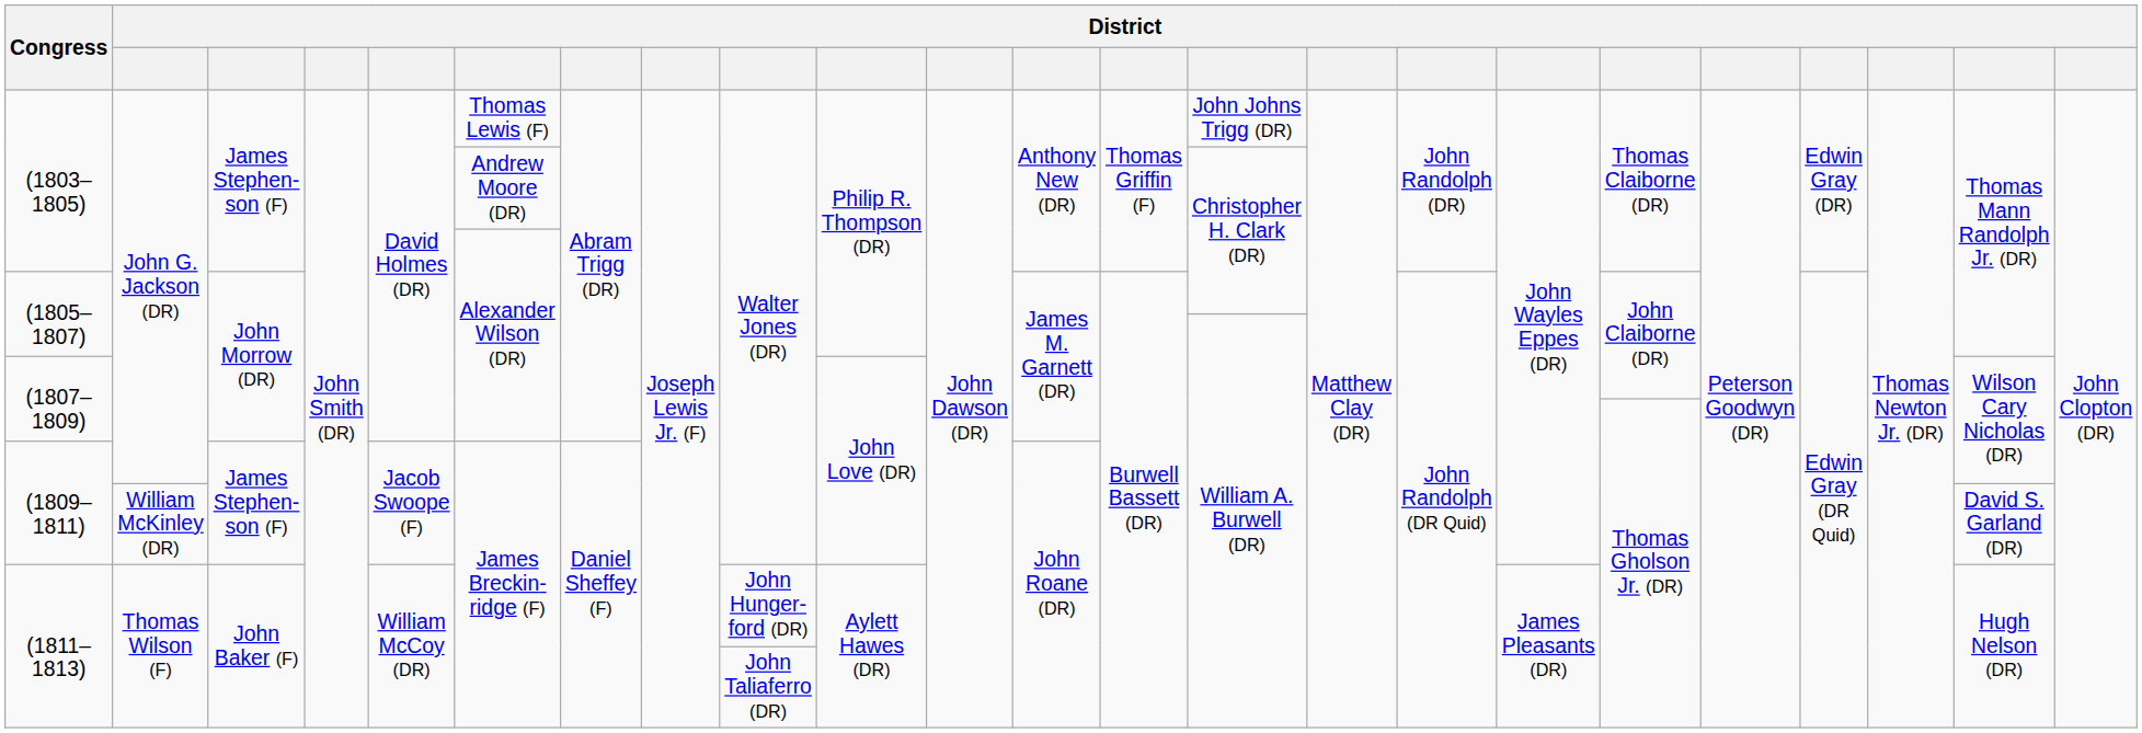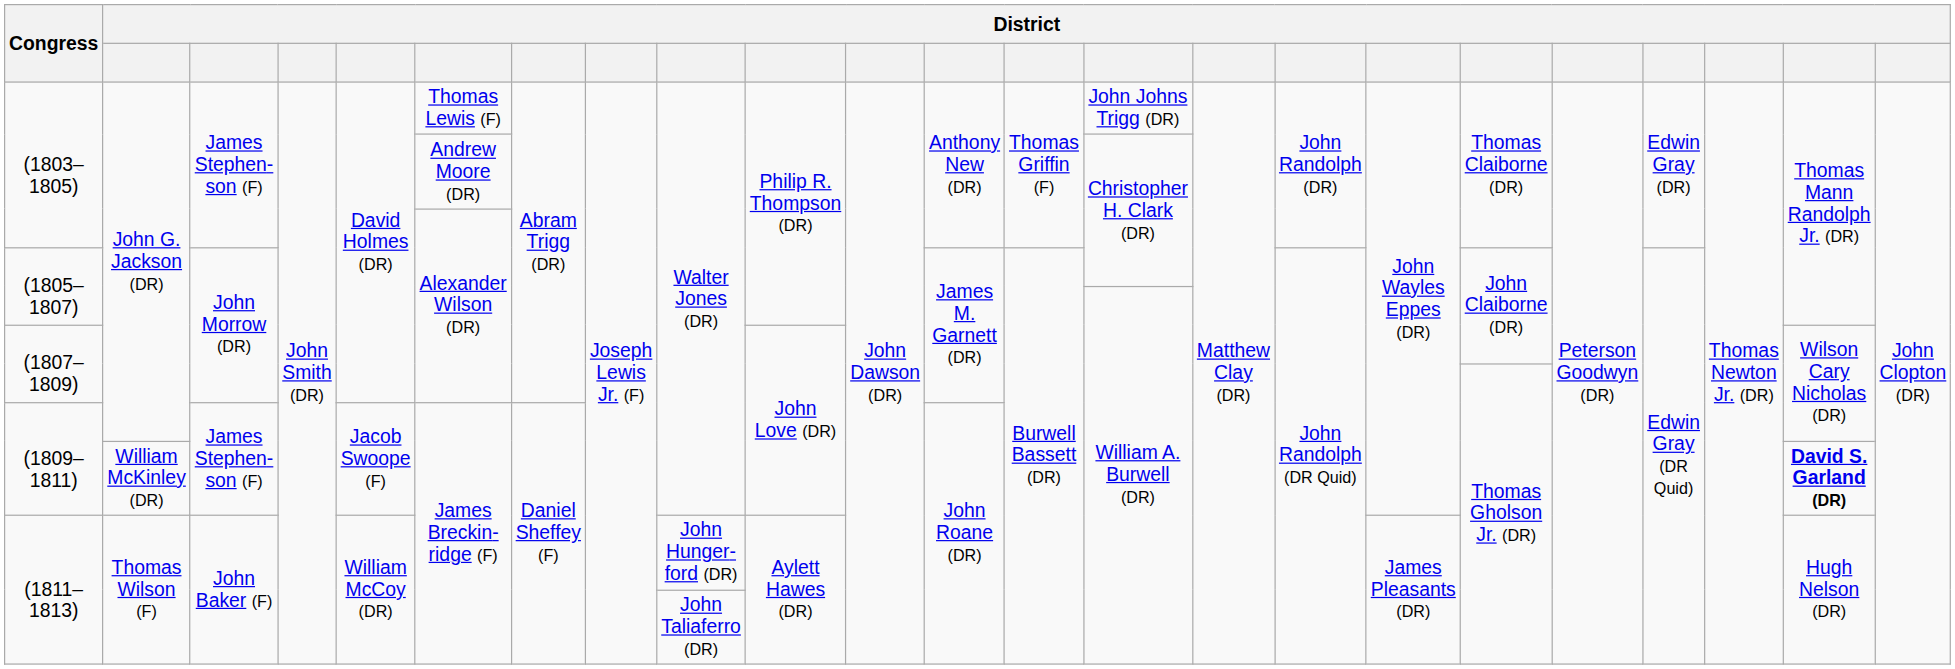 <table class=wikitable style="text-align:center">
 <tr style="height:2em">
 <th rowspan=2>Congress</th>
 <th colspan=22>District</th>
 </tr>
 <tr style="height:2em">
 <th></th>
 <th></th>
 <th></th>
 <th></th>
 <th></th>
 <th></th>
 <th></th>
 <th></th>
 <th></th>
 <th></th>
 <th></th>
 <th></th>
 <th></th>
 <th></th>
 <th></th>
 <th></th>
 <th></th>
 <th></th>
 <th></th>
 <th></th>
 <th></th>
 <th></th>
 </tr>
 <tr style="height:2em">
 <td rowspan=3><strong></strong><br>(1803–1805)</td>
 <td rowspan=8 ><a href='#'>John G.<br>Jackson</a> <small>(DR)</small></td>
 <td rowspan=3 ><a href='#'>James Stephen­son</a> <small>(F)</small></td>
 <td rowspan=11 ><a href='#'>John<br>Smith</a><br><small>(DR)</small></td>
 <td rowspan=7 ><a href='#'>David Holmes</a> <small>(DR)</small></td>
 <td><a href='#'>Thomas Lewis</a> <small>(F)</small></td>
 <td rowspan=7 ><a href='#'>Abram<br>Trigg</a><br><small>(DR)</small></td>
 <td rowspan=11 ><a href='#'>Joseph<br>Lewis<br>Jr.</a> <small>(F)</small></td>
 <td rowspan=9 ><a href='#'>Walter Jones</a> <small>(DR)</small></td>
 <td rowspan=5 ><a href='#'>Philip R.<br>Thompson</a><br><small>(DR)</small></td>
 <td rowspan=11 ><a href='#'>John<br>Dawson</a><br><small>(DR)</small></td>
 <td rowspan=3 ><a href='#'>Anthony New</a> <small>(DR)</small></td>
 <td rowspan=3 ><a href='#'>Thomas<br>Griffin</a> <small>(F)</small></td>
 <td><a href='#'>John Johns Trigg</a> <small>(DR)</small></td>
 <td rowspan=11 ><a href='#'>Matthew<br>Clay</a> <small>(DR)</small></td>
 <td rowspan=3 ><a href='#'>John Randolph</a><br><small>(DR)</small></td>
 <td rowspan=9 ><a href='#'>John<br>Wayles<br>Eppes</a><br><small>(DR)</small></td>
 <td rowspan=3 ><a href='#'>Thomas Claiborne</a> <small>(DR)</small></td>
 <td rowspan=11 ><a href='#'>Peterson<br>Goodwyn</a><br><small>(DR)</small></td>
 <td rowspan=3 ><a href='#'>Edwin<br>Gray</a><br><small>(DR)</small></td>
 <td rowspan=11 ><a href='#'>Thomas<br>Newton<br>Jr.</a> <small>(DR)</small></td>
 <td rowspan=5 ><a href='#'>Thomas Mann<br>Randolph<br>Jr.</a> <small>(DR)</small></td>
 <td rowspan=11 ><a href='#'>John<br>Clopton</a><br><small>(DR)</small></td>
 </tr>
 <tr style="height:2em">
 <td><a href='#'>Andrew Moore</a> <small>(DR)</small></td>
 <td rowspan=3 ><a href='#'>Christopher H. Clark</a> <small>(DR)</small></td>
 </tr>
 <tr style="height:2em">
 <td rowspan=5 ><a href='#'>Alexander Wilson</a> <small>(DR)</small></td>
 </tr>
 <tr style="height:2em">
 <td rowspan=2><strong></strong><br>(1805–1807)</td>
 <td rowspan=4 ><a href='#'>John Morrow</a> <small>(DR)</small></td>
 <td rowspan=4 ><a href='#'>James M. Garnett</a> <small>(DR)</small></td>
 <td rowspan=8 ><a href='#'>Burwell<br>Bassett</a> <small>(DR)</small></td>
 <td rowspan=9 ><a href='#'>John Randolph</a><br><small>(DR Quid)</small></td>
 <td rowspan=3 ><a href='#'>John Claiborne</a> <small>(DR)</small></td>
 <td rowspan=9 ><a href='#'>Edwin<br>Gray</a><br><small>(DR Quid)</small></td>
 </tr>
 <tr style="height:2em">
 <td rowspan=7 ><a href='#'>William A. Burwell</a> <small>(DR)</small></td>
 </tr>
 <tr style="height:2em">
 <td rowspan=2><strong></strong><br>(1807–1809)</td>
 <td rowspan=4 ><a href='#'>John<br>Love</a> <small>(DR)</small></td>
 <td rowspan="3" ><a href='#'>Wilson Cary Nicholas</a> <small>(DR)</small></td>
 </tr>
 <tr style="height:2em">
 <td rowspan=5 ><a href='#'>Thomas Gholson Jr.</a> <small>(DR)</small></td>
 </tr>
 <tr style="height:2em">
 <td rowspan=2><strong></strong><br>(1809–1811)</td>
 <td rowspan=2 ><a href='#'>James Stephen­son</a> <small>(F)</small></td>
 <td rowspan=2 ><a href='#'>Jacob Swoope</a> <small>(F)</small></td>
 <td rowspan=4 ><a href='#'>James Breckin­ridge</a> <small>(F)</small></td>
 <td rowspan=4 ><a href='#'>Daniel Sheffey</a> <small>(F)</small></td>
 <td rowspan=4 ><a href='#'>John Roane</a> <small>(DR)</small></td>
 </tr>
 <tr style="height:2em">
 <td><a href='#'>William McKinley</a> <small>(DR)</small></td>
-<td><a href='#'>David S. Garland</a> <small>(DR)</small></td>
+<td><strong><a href='#'>David S. Garland</a> <small>(DR)</small></strong></td>
 </tr>
 <tr style="height:2em">
 <td rowspan=2><strong></strong><br>(1811–1813)</td>
 <td rowspan=2 ><a href='#'>Thomas Wilson</a> <small>(F)</small></td>
 <td rowspan=2 ><a href='#'>John Baker</a> <small>(F)</small></td>
 <td rowspan=2 ><a href='#'>William McCoy</a> <small>(DR)</small></td>
 <td><a href='#'>John Hunger­ford</a> <small>(DR)</small></td>
 <td rowspan=2 ><a href='#'>Aylett<br>Hawes</a> <small>(DR)</small></td>
 <td rowspan=2 ><a href='#'>James Pleasants</a> <small>(DR)</small></td>
 <td rowspan=2 ><a href='#'>Hugh Nelson</a> <small>(DR)</small></td>
 </tr>
 <tr style="height:2em">
 <td><a href='#'>John Taliaferro</a> <small>(DR)</small></td>
 </tr>
 </table>
